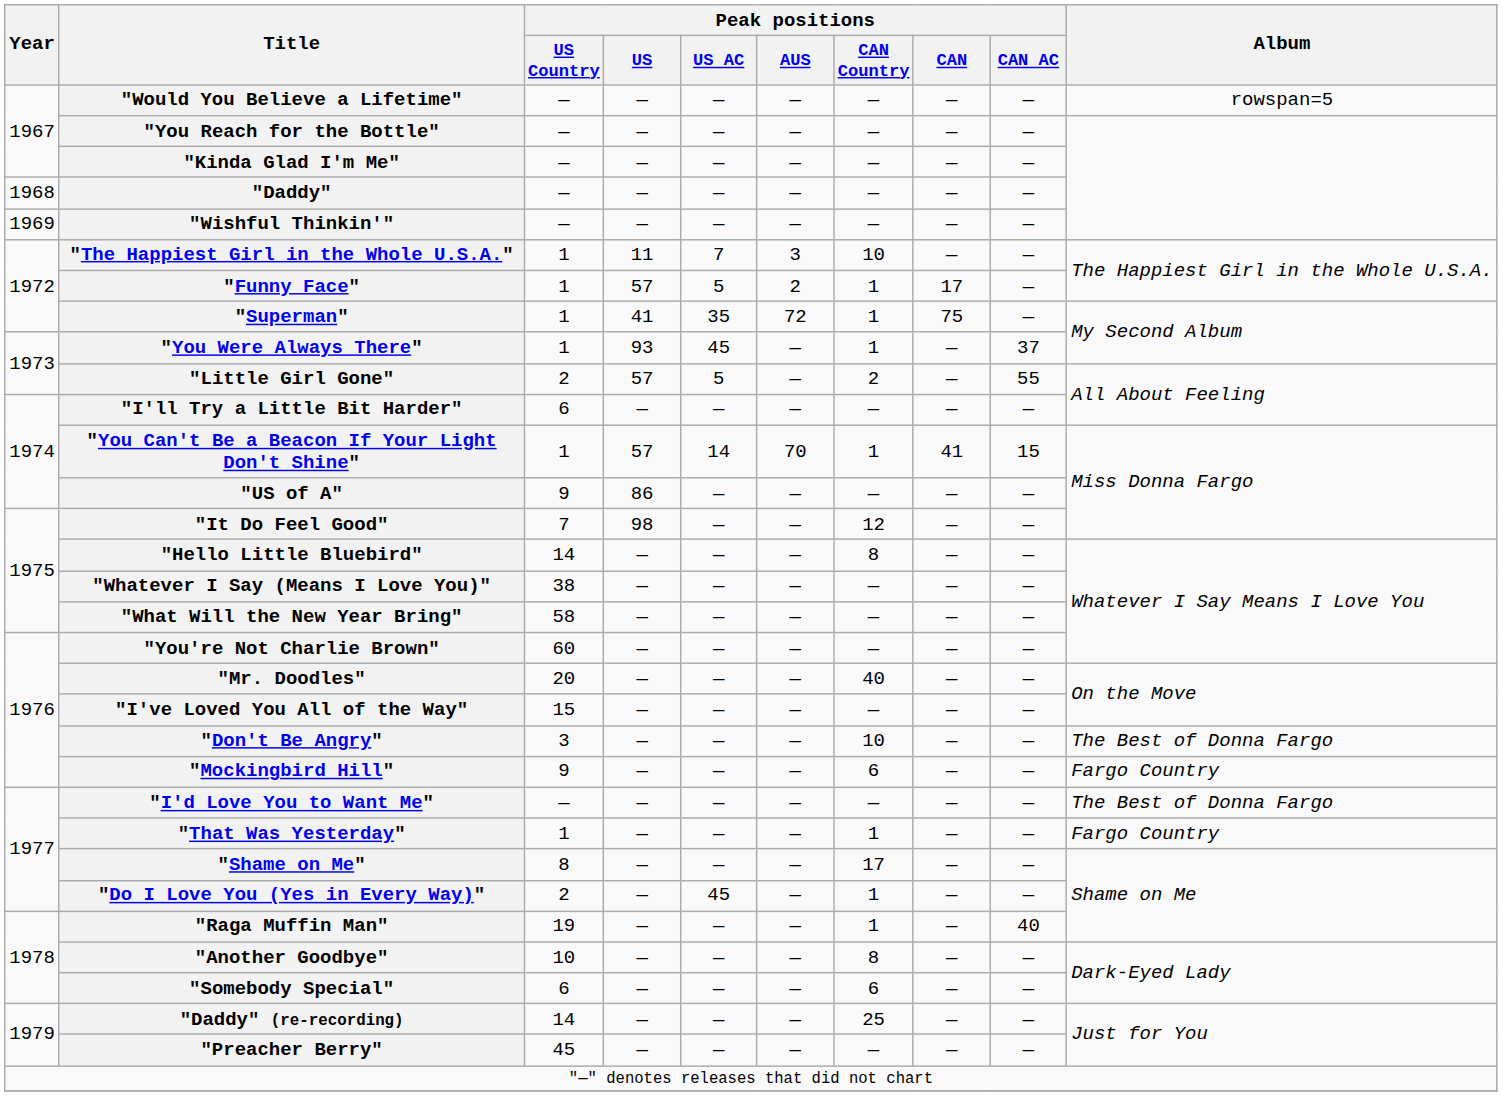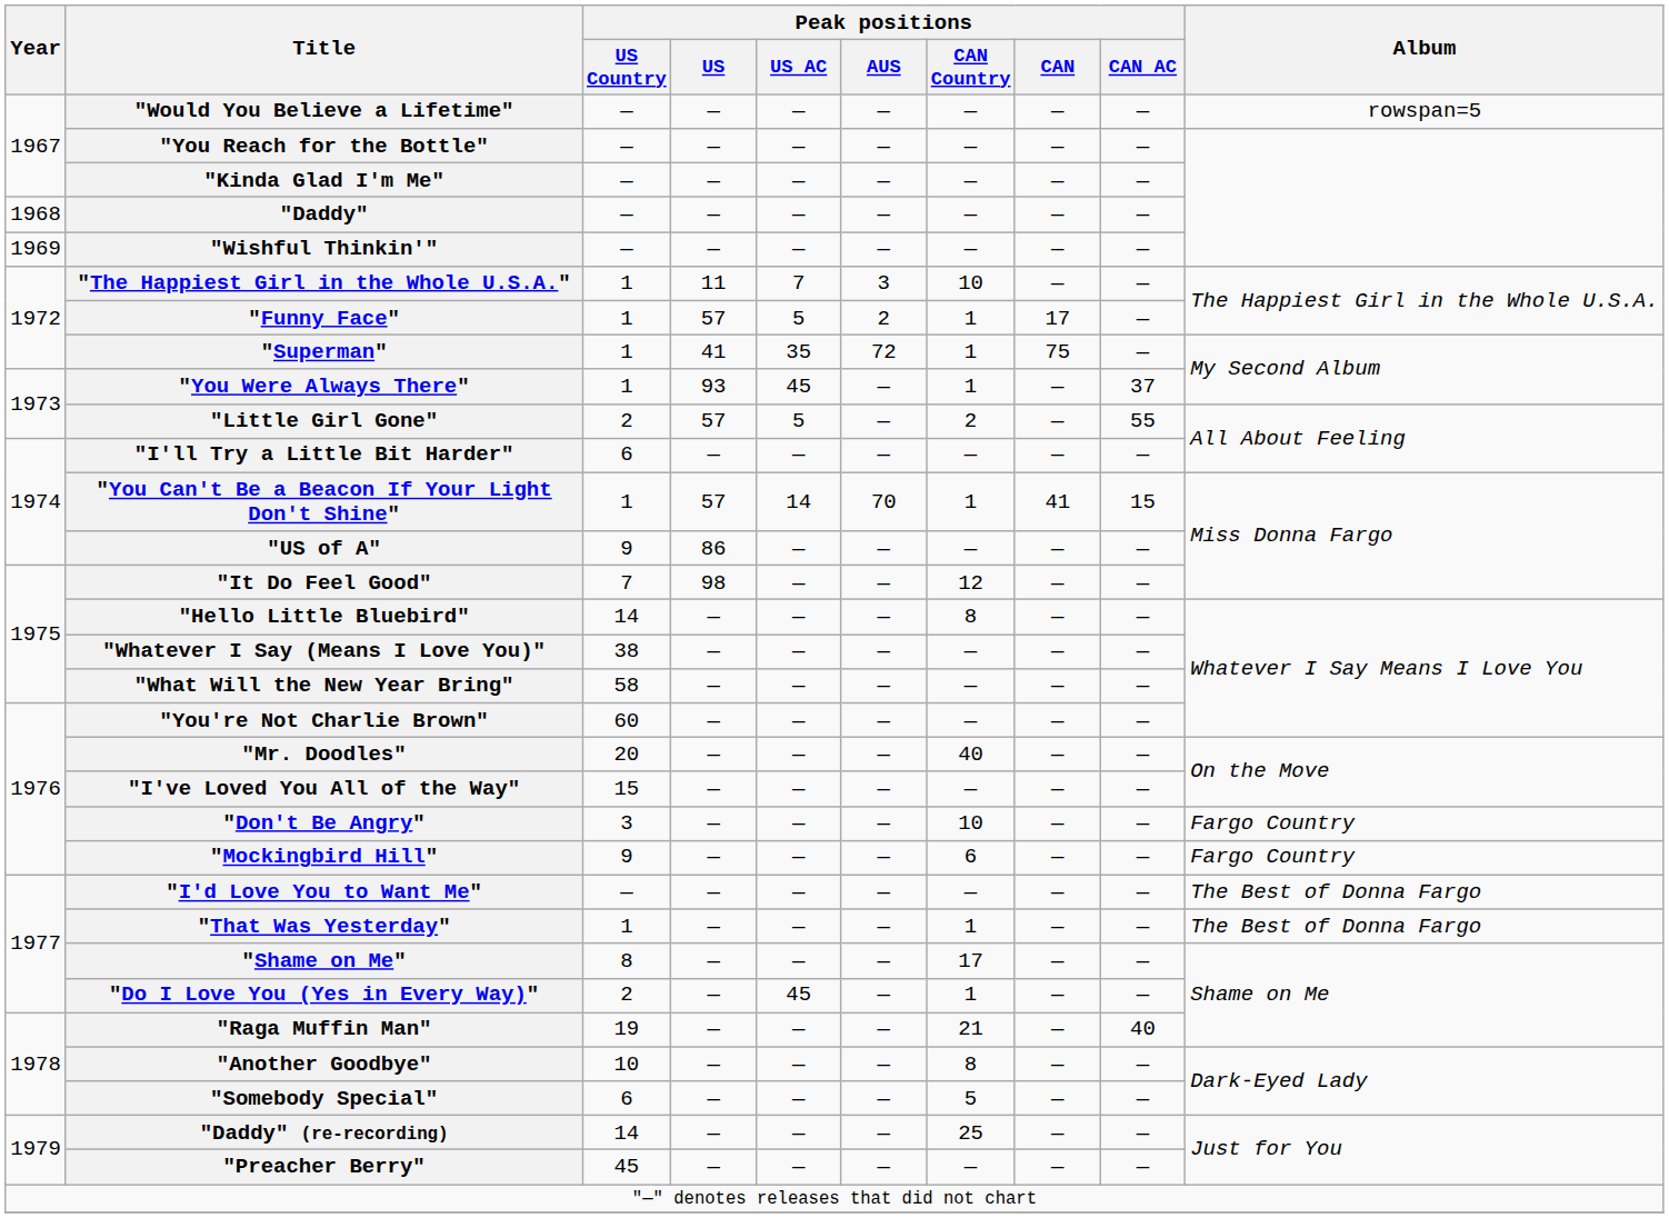 <table class="wikitable plainrowheaders" style=text-align:center;>
 <tr>
 <th scope="col" rowspan="2">Year</th>
 <th scope="col" rowspan="2" style="width:24em;">Title</th>
 <th scope="col" colspan="7">Peak positions</th>
 <th scope="col" rowspan="2">Album</th>
 </tr>
 <tr>
 <th style="width:4em;font-size:90%;"><a href='#'>US Country</a><br></th>
 <th style="width:4em;font-size:90%;"><a href='#'>US</a><br></th>
 <th style="width:4em;font-size:90%;"><a href='#'>US AC</a><br></th>
 <th style="width:4em;font-size:90%;"><a href='#'>AUS</a><br></th>
 <th style="width:4em;font-size:90%;"><a href='#'>CAN Country</a><br></th>
 <th style="width:4em;font-size:90%;"><a href='#'>CAN</a><br></th>
 <th style="width:4em;font-size:90%;"><a href='#'>CAN AC</a><br></th>
 </tr>
 <tr>
 <td rowspan=3>1967</td>
 <th scope="row">"Would You Believe a Lifetime"</th>
 <td>—</td>
 <td>—</td>
 <td>—</td>
 <td>—</td>
 <td>—</td>
 <td>—</td>
 <td>—</td>
 <td>rowspan=5 </td>
 </tr>
 <tr>
 <th scope="row">"You Reach for the Bottle"</th>
 <td>—</td>
 <td>—</td>
 <td>—</td>
 <td>—</td>
 <td>—</td>
 <td>—</td>
 <td>—</td>
 </tr>
 <tr>
 <th scope="row">"Kinda Glad I'm Me"</th>
 <td>—</td>
 <td>—</td>
 <td>—</td>
 <td>—</td>
 <td>—</td>
 <td>—</td>
 <td>—</td>
 </tr>
 <tr>
 <td>1968</td>
 <th scope="row">"Daddy"</th>
 <td>—</td>
 <td>—</td>
 <td>—</td>
 <td>—</td>
 <td>—</td>
 <td>—</td>
 <td>—</td>
 </tr>
 <tr>
 <td>1969</td>
 <th scope="row">"Wishful Thinkin'"</th>
 <td>—</td>
 <td>—</td>
 <td>—</td>
 <td>—</td>
 <td>—</td>
 <td>—</td>
 <td>—</td>
 </tr>
 <tr>
 <td rowspan=3>1972</td>
 <th scope="row">"<a href='#'>The Happiest Girl in the Whole U.S.A.</a>"</th>
 <td>1</td>
 <td>11</td>
 <td>7</td>
 <td>3</td>
 <td>10</td>
 <td>—</td>
 <td>—</td>
 <td align=left rowspan=2><em>The Happiest Girl in the Whole U.S.A.</em></td>
 </tr>
 <tr>
 <th scope="row">"<a href='#'>Funny Face</a>"</th>
 <td>1</td>
 <td>57</td>
 <td>5</td>
 <td>2</td>
 <td>1</td>
 <td>17</td>
 <td>—</td>
 </tr>
 <tr>
 <th scope="row">"<a href='#'>Superman</a>"</th>
 <td>1</td>
 <td>41</td>
 <td>35</td>
 <td>72</td>
 <td>1</td>
 <td>75</td>
 <td>—</td>
 <td align=left rowspan=2><em>My Second Album</em></td>
 </tr>
 <tr>
 <td rowspan=2>1973</td>
 <th scope="row">"<a href='#'>You Were Always There</a>"</th>
 <td>1</td>
 <td>93</td>
 <td>45</td>
 <td>—</td>
 <td>1</td>
 <td>—</td>
 <td>37</td>
 </tr>
 <tr>
 <th scope="row">"Little Girl Gone"</th>
 <td>2</td>
 <td>57</td>
 <td>5</td>
 <td>—</td>
 <td>2</td>
 <td>—</td>
 <td>55</td>
 <td align=left rowspan=2><em>All About Feeling</em></td>
 </tr>
 <tr>
 <td rowspan=3>1974</td>
 <th scope="row">"I'll Try a Little Bit Harder"</th>
 <td>6</td>
 <td>—</td>
 <td>—</td>
 <td>—</td>
 <td>—</td>
 <td>—</td>
 <td>—</td>
 </tr>
 <tr>
 <th scope="row">"<a href='#'>You Can't Be a Beacon If Your Light Don't Shine</a>"</th>
 <td>1</td>
 <td>57</td>
 <td>14</td>
 <td>70</td>
 <td>1</td>
 <td>41</td>
 <td>15</td>
 <td align=left rowspan=3><em>Miss Donna Fargo</em></td>
 </tr>
 <tr>
 <th scope="row">"US of A"</th>
 <td>9</td>
 <td>86</td>
 <td>—</td>
 <td>—</td>
 <td>—</td>
 <td>—</td>
 <td>—</td>
 </tr>
 <tr>
 <td rowspan=4>1975</td>
 <th scope="row">"It Do Feel Good"</th>
 <td>7</td>
 <td>98</td>
 <td>—</td>
 <td>—</td>
 <td>12</td>
 <td>—</td>
 <td>—</td>
 </tr>
 <tr>
 <th scope="row">"Hello Little Bluebird"</th>
 <td>14</td>
 <td>—</td>
 <td>—</td>
 <td>—</td>
 <td>8</td>
 <td>—</td>
 <td>—</td>
 <td align=left rowspan=4><em>Whatever I Say Means I Love You</em></td>
 </tr>
 <tr>
 <th scope="row">"Whatever I Say (Means I Love You)"</th>
 <td>38</td>
 <td>—</td>
 <td>—</td>
 <td>—</td>
 <td>—</td>
 <td>—</td>
 <td>—</td>
 </tr>
 <tr>
 <th scope="row">"What Will the New Year Bring"</th>
 <td>58</td>
 <td>—</td>
 <td>—</td>
 <td>—</td>
 <td>—</td>
 <td>—</td>
 <td>—</td>
 </tr>
 <tr>
 <td rowspan=5>1976</td>
 <th scope="row">"You're Not Charlie Brown"</th>
 <td>60</td>
 <td>—</td>
 <td>—</td>
 <td>—</td>
 <td>—</td>
 <td>—</td>
 <td>—</td>
 </tr>
 <tr>
 <th scope="row">"Mr. Doodles"</th>
 <td>20</td>
 <td>—</td>
 <td>—</td>
 <td>—</td>
 <td>40</td>
 <td>—</td>
 <td>—</td>
 <td align=left rowspan=2><em>On the Move</em></td>
 </tr>
 <tr>
 <th scope="row">"I've Loved You All of the Way"</th>
 <td>15</td>
 <td>—</td>
 <td>—</td>
 <td>—</td>
 <td>—</td>
 <td>—</td>
 <td>—</td>
 </tr>
 <tr>
 <th scope="row">"<a href='#'>Don't Be Angry</a>"</th>
 <td>3</td>
 <td>—</td>
 <td>—</td>
 <td>—</td>
 <td>10</td>
 <td>—</td>
 <td>—</td>
-<td align=left><em>The Best of Donna Fargo</em></td>
+<td align=left><em>Fargo Country</em></td>
 </tr>
 <tr>
 <th scope="row">"<a href='#'>Mockingbird Hill</a>"</th>
 <td>9</td>
 <td>—</td>
 <td>—</td>
 <td>—</td>
 <td>6</td>
 <td>—</td>
 <td>—</td>
 <td align=left><em>Fargo Country</em></td>
 </tr>
 <tr>
 <td rowspan=4>1977</td>
 <th scope="row">"<a href='#'>I'd Love You to Want Me</a>"</th>
 <td>—</td>
 <td>—</td>
 <td>—</td>
 <td>—</td>
 <td>—</td>
 <td>—</td>
 <td>—</td>
 <td align=left><em>The Best of Donna Fargo</em></td>
 </tr>
 <tr>
 <th scope="row">"<a href='#'>That Was Yesterday</a>"</th>
 <td>1</td>
 <td>—</td>
 <td>—</td>
 <td>—</td>
 <td>1</td>
 <td>—</td>
 <td>—</td>
-<td align=left><em>Fargo Country</em></td>
+<td align=left><em>The Best of Donna Fargo</em></td>
 </tr>
 <tr>
 <th scope="row">"<a href='#'>Shame on Me</a>"</th>
 <td>8</td>
 <td>—</td>
 <td>—</td>
 <td>—</td>
 <td>17</td>
 <td>—</td>
 <td>—</td>
 <td align=left rowspan=3><em>Shame on Me</em></td>
 </tr>
 <tr>
 <th scope="row">"<a href='#'>Do I Love You (Yes in Every Way)</a>"</th>
 <td>2</td>
 <td>—</td>
 <td>45</td>
 <td>—</td>
 <td>1</td>
 <td>—</td>
 <td>—</td>
 </tr>
 <tr>
 <td rowspan=3>1978</td>
 <th scope="row">"Raga Muffin Man"</th>
 <td>19</td>
 <td>—</td>
 <td>—</td>
 <td>—</td>
-<td>1</td>
+<td>21</td>
 <td>—</td>
 <td>40</td>
 </tr>
 <tr>
 <th scope="row">"Another Goodbye"</th>
 <td>10</td>
 <td>—</td>
 <td>—</td>
 <td>—</td>
 <td>8</td>
 <td>—</td>
 <td>—</td>
 <td align=left rowspan=2><em>Dark-Eyed Lady</em></td>
 </tr>
 <tr>
 <th scope="row">"Somebody Special"</th>
 <td>6</td>
 <td>—</td>
 <td>—</td>
 <td>—</td>
-<td>6</td>
+<td>5</td>
 <td>—</td>
 <td>—</td>
 </tr>
 <tr>
 <td rowspan=2>1979</td>
 <th scope="row">"Daddy" <small>(re-recording)</small></th>
 <td>14</td>
 <td>—</td>
 <td>—</td>
 <td>—</td>
 <td>25</td>
 <td>—</td>
 <td>—</td>
 <td align=left rowspan=2><em>Just for You</em></td>
 </tr>
 <tr>
 <th scope="row">"Preacher Berry"</th>
 <td>45</td>
 <td>—</td>
 <td>—</td>
 <td>—</td>
 <td>—</td>
 <td>—</td>
 <td>—</td>
 </tr>
 <tr>
 <td colspan="10" style="font-size:8pt">"—" denotes releases that did not chart</td>
 </tr>
 <tr>
 </tr>
 </table>
